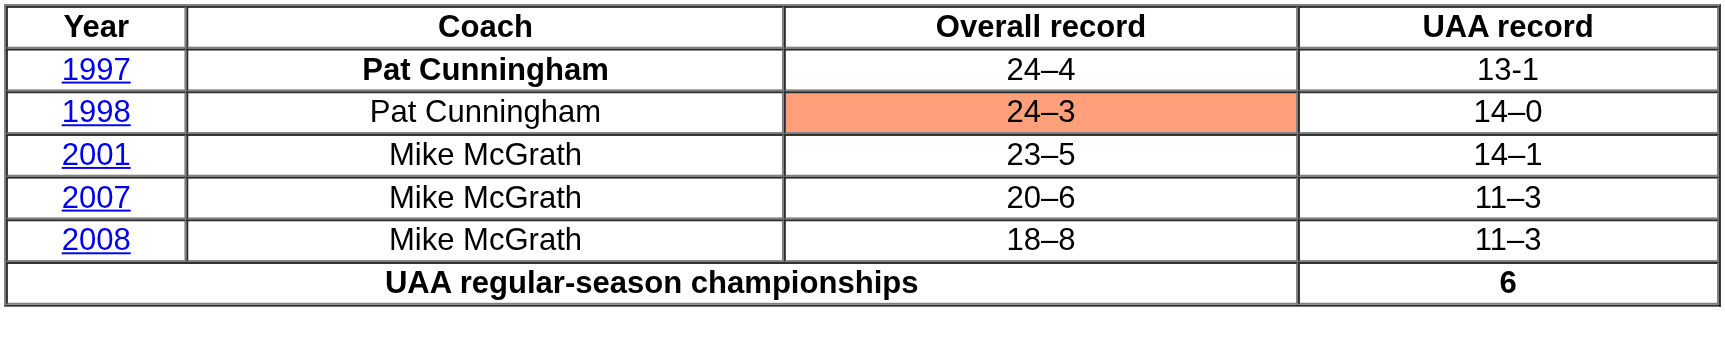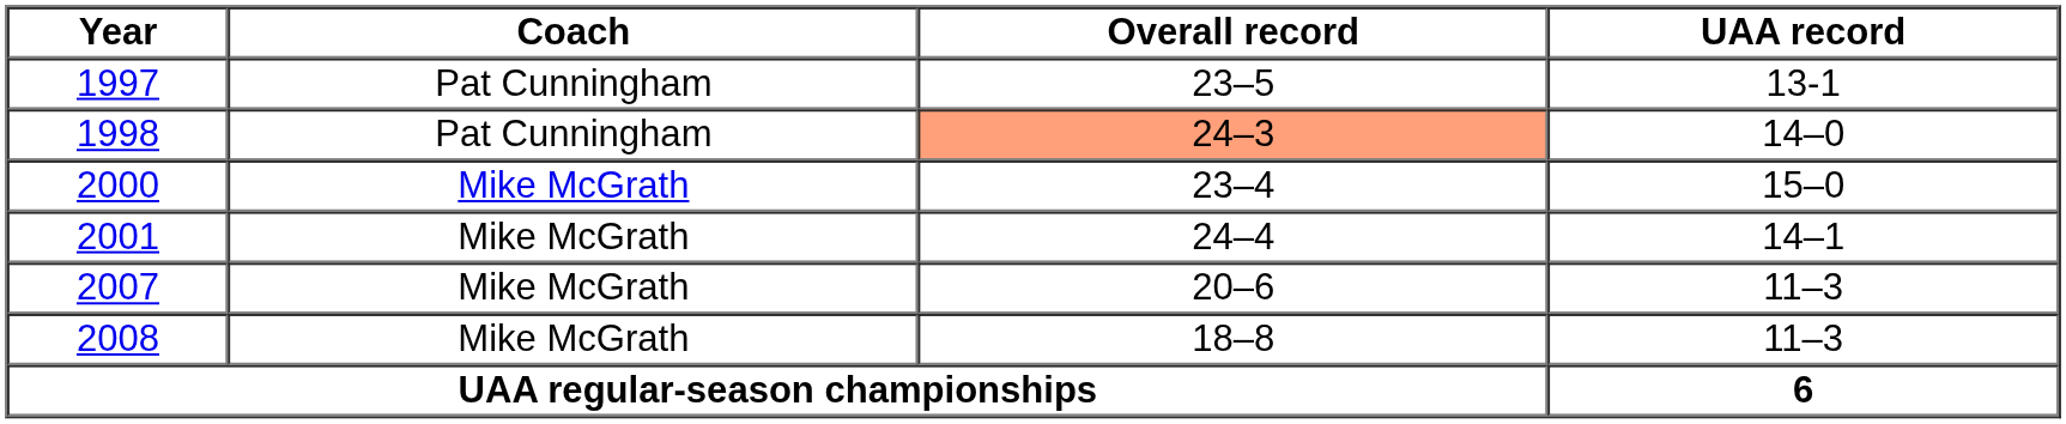 <table cellpadding="1" border="1" cellspacing="0" width="70%" style="text-align:center;">
 <tr>
 <th>Year</th>
 <th>Coach</th>
 <th>Overall record</th>
 <th>UAA record</th>
 </tr>
 <tr>
 <td><a href='#'>1997</a></td>
-<td><strong>Pat Cunningham</strong></td>
-<td>24–4</td>
+<td>Pat Cunningham</td>
+<td>23–5</td>
 <td>13-1</td>
 </tr>
 <tr>
 <td><a href='#'>1998</a></td>
 <td>Pat Cunningham</td>
 <td style="background: lightsalmon;">24–3</td>
 <td>14–0</td>
 </tr>
 <tr>
+<td><a href='#'>2000</a></td>
+<td><a href='#'>Mike McGrath</a></td>
+<td>23–4</td>
+<td>15–0</td>
+</tr>
+<tr>
 <td><a href='#'>2001</a></td>
 <td>Mike McGrath</td>
-<td>23–5</td>
+<td>24–4</td>
 <td>14–1</td>
 </tr>
 <tr>
 <td><a href='#'>2007</a></td>
 <td>Mike McGrath</td>
 <td>20–6</td>
 <td>11–3</td>
 </tr>
 <tr>
 <td><a href='#'>2008</a></td>
 <td>Mike McGrath</td>
 <td>18–8</td>
 <td>11–3</td>
 </tr>
 <tr>
 <td colspan="3"><strong>UAA regular-season championships</strong></td>
 <td colspan="1"><strong>6</strong></td>
 </tr>
 </table>
